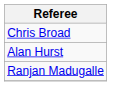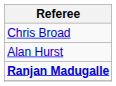 <table class="wikitable">
 <tr>
 <th>Referee</th>
 </tr>
 <tr>
 <td> <a href='#'>Chris Broad</a></td>
 </tr>
 <tr>
 <td> <a href='#'>Alan Hurst</a></td>
 </tr>
 <tr>
-<td> <a href='#'>Ranjan Madugalle</a></td>
+<td><strong> <a href='#'>Ranjan Madugalle</a></strong></td>
 </tr>
 <tr>
 </tr>
 </table>
